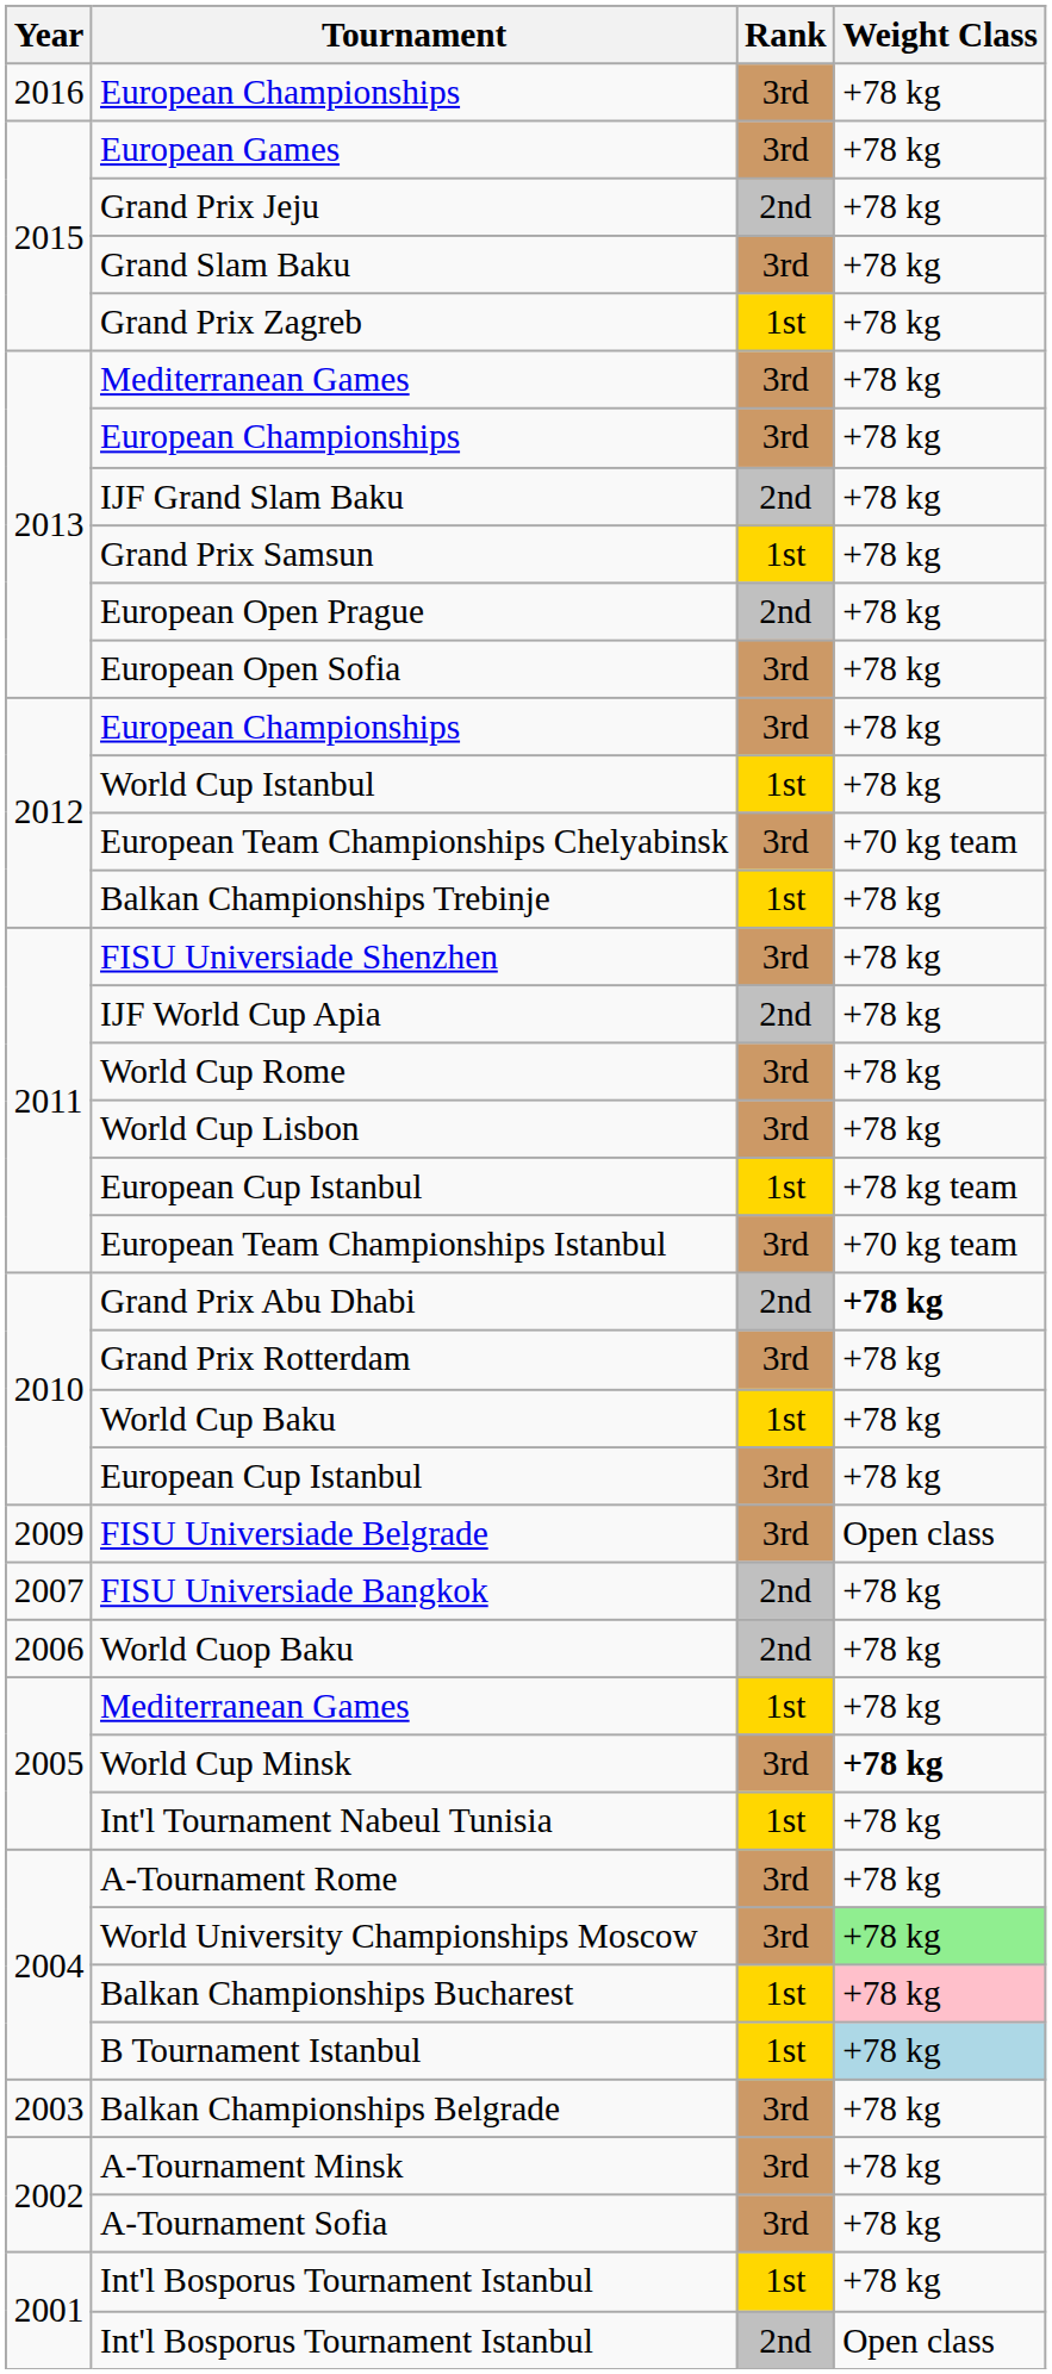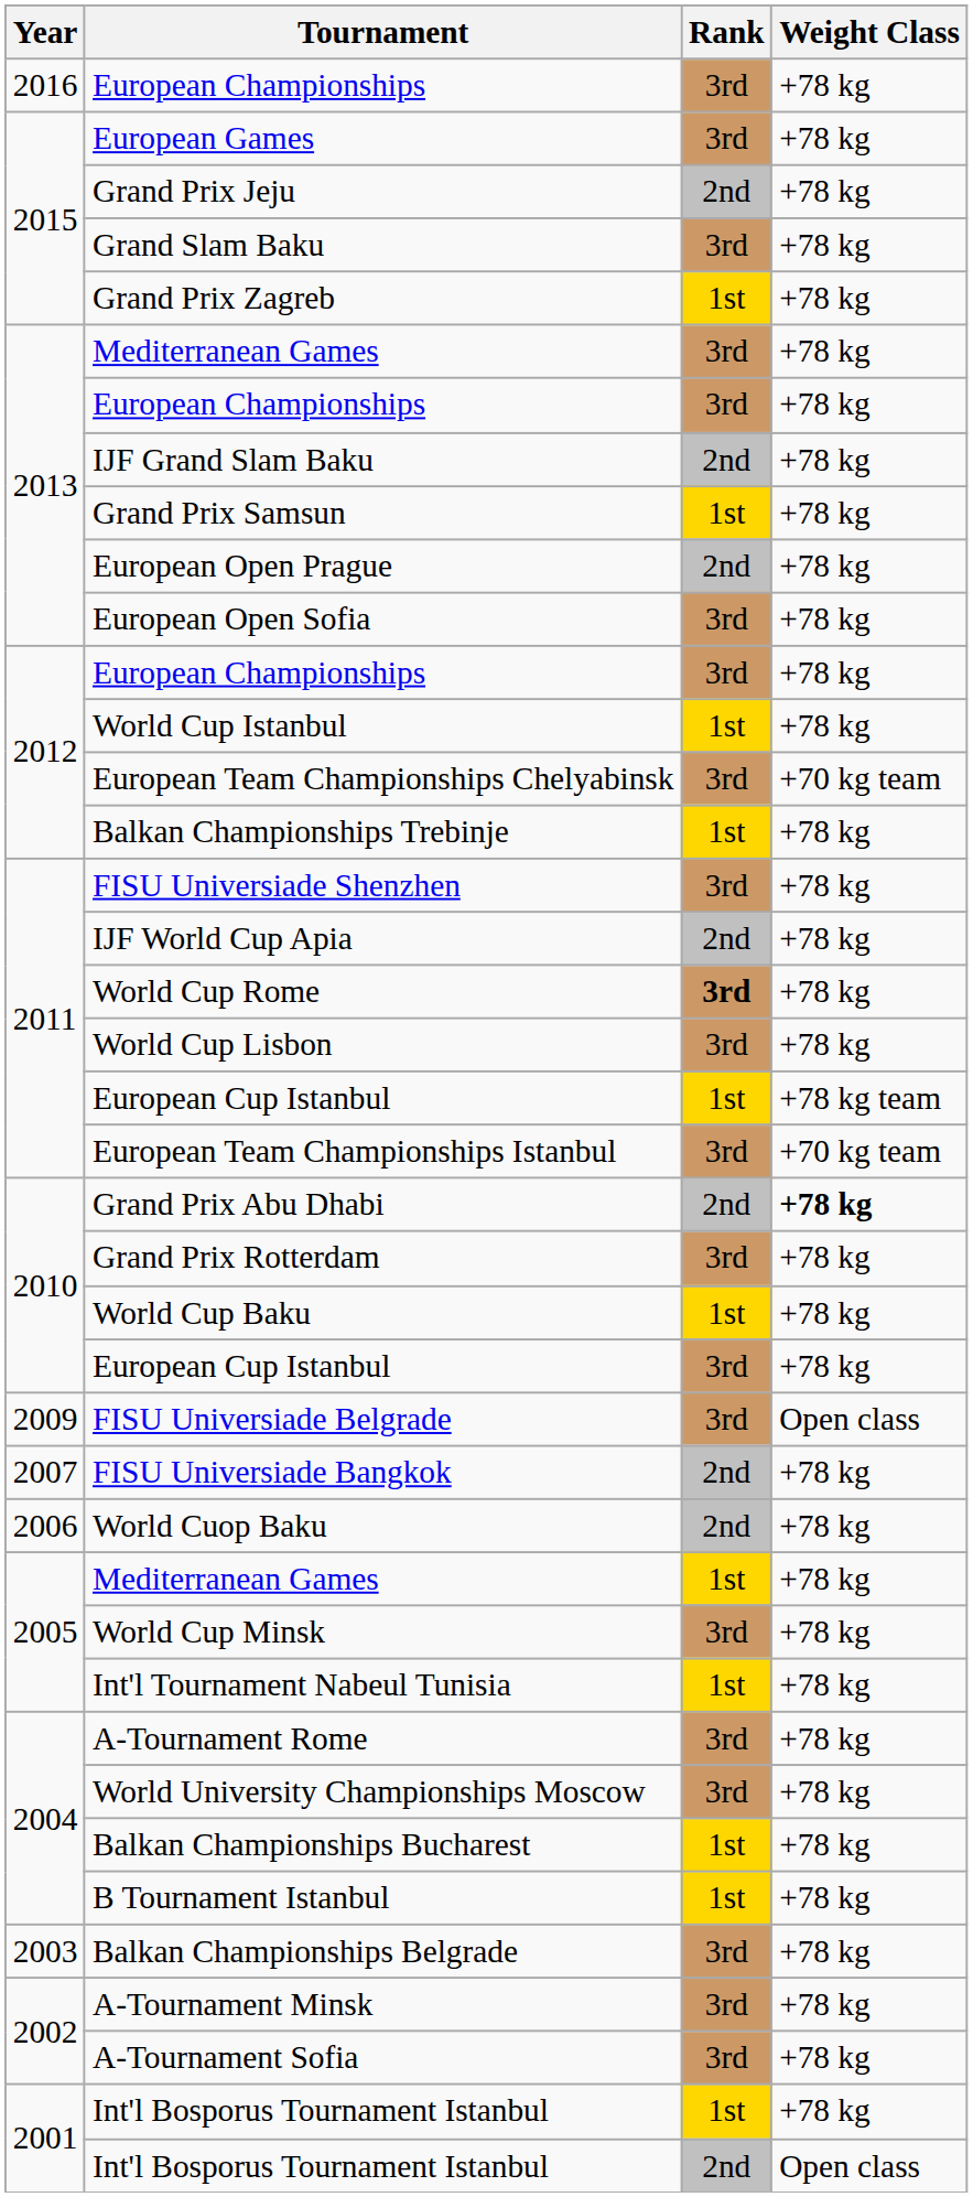 <table class="wikitable" style="font-size: 95%;">
 <tr>
 <th>Year</th>
 <th>Tournament</th>
 <th>Rank</th>
 <th>Weight Class</th>
 </tr>
 <tr>
 <td>2016</td>
 <td><a href='#'>European Championships</a></td>
 <td bgcolor="cc9966" align="center">3rd</td>
 <td>+78 kg</td>
 </tr>
 <tr>
 <td rowspan=4>2015</td>
 <td><a href='#'>European Games</a></td>
 <td bgcolor="cc9966" align="center">3rd</td>
 <td>+78 kg</td>
 </tr>
 <tr>
 <td>Grand Prix Jeju</td>
 <td bgcolor="silver" align="center">2nd</td>
 <td>+78 kg</td>
 </tr>
 <tr>
 <td>Grand Slam Baku</td>
 <td bgcolor="cc9966" align="center">3rd</td>
 <td>+78 kg</td>
 </tr>
 <tr>
 <td>Grand Prix Zagreb</td>
 <td bgcolor="gold" align="center">1st</td>
 <td>+78 kg</td>
 </tr>
 <tr>
 <td rowspan=6>2013</td>
 <td><a href='#'>Mediterranean Games</a></td>
 <td bgcolor="cc9966" align="center">3rd</td>
 <td>+78 kg</td>
 </tr>
 <tr>
 <td><a href='#'>European Championships</a></td>
 <td bgcolor="cc9966" align="center">3rd</td>
 <td>+78 kg</td>
 </tr>
 <tr>
 <td>IJF Grand Slam Baku</td>
 <td bgcolor="silver" align="center">2nd</td>
 <td>+78 kg</td>
 </tr>
 <tr>
 <td>Grand Prix Samsun</td>
 <td bgcolor="gold" align="center">1st</td>
 <td>+78 kg</td>
 </tr>
 <tr>
 <td>European Open Prague</td>
 <td bgcolor="silver" align="center">2nd</td>
 <td>+78 kg</td>
 </tr>
 <tr>
 <td>European Open Sofia</td>
 <td bgcolor="cc9966" align="center">3rd</td>
 <td>+78 kg</td>
 </tr>
 <tr>
 <td rowspan=4>2012</td>
 <td><a href='#'>European Championships</a></td>
 <td bgcolor="cc9966" align="center">3rd</td>
 <td>+78 kg</td>
 </tr>
 <tr>
 <td>World Cup Istanbul</td>
 <td bgcolor="gold" align="center">1st</td>
 <td>+78 kg</td>
 </tr>
 <tr>
 <td>European Team Championships Chelyabinsk</td>
 <td bgcolor="cc9966" align="center">3rd</td>
 <td>+70 kg team</td>
 </tr>
 <tr>
 <td>Balkan Championships Trebinje</td>
 <td bgcolor="gold" align="center">1st</td>
 <td>+78 kg</td>
 </tr>
 <tr>
 <td rowspan=6>2011</td>
 <td><a href='#'>FISU Universiade Shenzhen</a></td>
 <td bgcolor="cc9966" align="center">3rd</td>
 <td>+78 kg</td>
 </tr>
 <tr>
 <td>IJF World Cup Apia</td>
 <td bgcolor="silver" align="center">2nd</td>
 <td>+78 kg</td>
 </tr>
 <tr>
 <td>World Cup Rome</td>
-<td bgcolor="cc9966" align="center">3rd</td>
+<td bgcolor="cc9966" align="center"><strong>3rd</strong></td>
 <td>+78 kg</td>
 </tr>
 <tr>
 <td>World Cup Lisbon</td>
 <td bgcolor="cc9966" align="center">3rd</td>
 <td>+78 kg</td>
 </tr>
 <tr>
 <td>European Cup Istanbul</td>
 <td bgcolor="gold" align="center">1st</td>
 <td>+78 kg team</td>
 </tr>
 <tr>
 <td>European Team Championships Istanbul</td>
 <td bgcolor="cc9966" align="center">3rd</td>
 <td>+70 kg team</td>
 </tr>
 <tr>
 <td rowspan=4>2010</td>
 <td>Grand Prix Abu Dhabi</td>
 <td bgcolor="silver" align="center">2nd</td>
 <td><strong>+78 kg</strong></td>
 </tr>
 <tr>
 <td>Grand Prix Rotterdam</td>
 <td bgcolor="cc9966" align="center">3rd</td>
 <td>+78 kg</td>
 </tr>
 <tr>
 <td>World Cup Baku</td>
 <td bgcolor="gold" align="center">1st</td>
 <td>+78 kg</td>
 </tr>
 <tr>
 <td>European Cup Istanbul</td>
 <td bgcolor="cc9966" align="center">3rd</td>
 <td>+78 kg</td>
 </tr>
 <tr>
 <td>2009</td>
 <td><a href='#'>FISU Universiade Belgrade</a></td>
 <td bgcolor="cc9966" align="center">3rd</td>
 <td>Open class</td>
 </tr>
 <tr>
 <td>2007</td>
 <td><a href='#'>FISU Universiade Bangkok</a></td>
 <td bgcolor="silver" align="center">2nd</td>
 <td>+78 kg</td>
 </tr>
 <tr>
 <td>2006</td>
 <td>World Cuop Baku</td>
 <td bgcolor="silver" align="center">2nd</td>
 <td>+78 kg</td>
 </tr>
 <tr>
 <td rowspan=3>2005</td>
 <td><a href='#'>Mediterranean Games</a></td>
 <td bgcolor="gold" align="center">1st</td>
 <td>+78 kg</td>
 </tr>
 <tr>
 <td>World Cup Minsk</td>
 <td bgcolor="cc9966" align="center">3rd</td>
-<td><strong>+78 kg</strong></td>
+<td>+78 kg</td>
 </tr>
 <tr>
 <td>Int'l Tournament Nabeul Tunisia</td>
 <td bgcolor="gold" align="center">1st</td>
 <td>+78 kg</td>
 </tr>
 <tr>
 <td rowspan=4>2004</td>
 <td>A-Tournament Rome</td>
 <td bgcolor="cc9966" align="center">3rd</td>
 <td>+78 kg</td>
 </tr>
 <tr>
 <td>World University Championships Moscow</td>
 <td bgcolor="cc9966" align="center">3rd</td>
-<td style="background: lightgreen;">+78 kg</td>
+<td>+78 kg</td>
 </tr>
 <tr>
 <td>Balkan Championships Bucharest</td>
 <td bgcolor="gold" align="center">1st</td>
-<td style="background: pink;">+78 kg</td>
+<td>+78 kg</td>
 </tr>
 <tr>
 <td>B Tournament Istanbul</td>
 <td bgcolor="gold" align="center">1st</td>
-<td style="background: lightblue;">+78 kg</td>
+<td>+78 kg</td>
 </tr>
 <tr>
 <td>2003</td>
 <td>Balkan Championships Belgrade</td>
 <td bgcolor="cc9966" align="center">3rd</td>
 <td>+78 kg</td>
 </tr>
 <tr>
 <td rowspan=2>2002</td>
 <td>A-Tournament Minsk</td>
 <td bgcolor="cc9966" align="center">3rd</td>
 <td>+78 kg</td>
 </tr>
 <tr>
 <td>A-Tournament Sofia</td>
 <td bgcolor="cc9966" align="center">3rd</td>
 <td>+78 kg</td>
 </tr>
 <tr>
 <td rowspan=2>2001</td>
 <td>Int'l Bosporus Tournament Istanbul</td>
 <td bgcolor="gold" align="center">1st</td>
 <td>+78 kg</td>
 </tr>
 <tr>
 <td>Int'l Bosporus Tournament Istanbul</td>
 <td bgcolor="silver" align="center">2nd</td>
 <td>Open class</td>
 </tr>
 </table>
